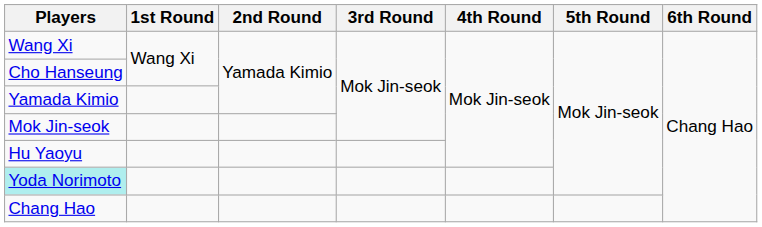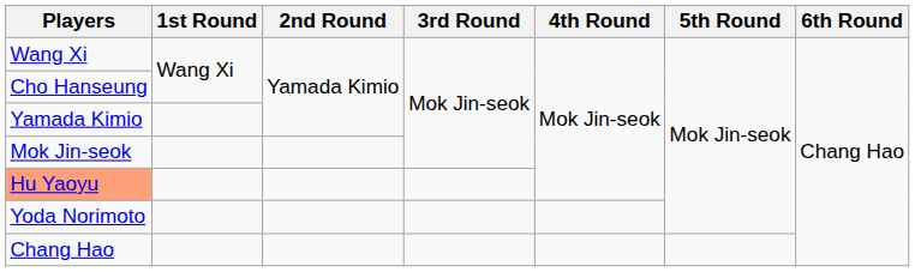 <table class="wikitable">
 <tr>
 <th>Players</th>
 <th>1st Round</th>
 <th>2nd Round</th>
 <th>3rd Round</th>
 <th>4th Round</th>
 <th>5th Round</th>
 <th>6th Round</th>
 </tr>
 <tr>
 <td> <a href='#'>Wang Xi</a></td>
 <td rowspan="2" valign="center">Wang Xi</td>
 <td rowspan="3" valign="center">Yamada Kimio</td>
 <td rowspan="4" valign="center">Mok Jin-seok</td>
 <td rowspan="5" valign="center">Mok Jin-seok</td>
 <td rowspan="6" valign="center">Mok Jin-seok</td>
 <td rowspan="7" valign="center">Chang Hao</td>
 </tr>
 <tr>
 <td> <a href='#'>Cho Hanseung</a></td>
 </tr>
 <tr>
 <td> <a href='#'>Yamada Kimio</a></td>
 <td></td>
 </tr>
 <tr>
 <td> <a href='#'>Mok Jin-seok</a></td>
 <td></td>
 <td></td>
 </tr>
 <tr>
-<td> <a href='#'>Hu Yaoyu</a></td>
+<td style="background: lightsalmon;"> <a href='#'>Hu Yaoyu</a></td>
 <td></td>
 <td></td>
 <td></td>
 </tr>
 <tr>
-<td style="background: paleturquoise;"> <a href='#'>Yoda Norimoto</a></td>
+<td> <a href='#'>Yoda Norimoto</a></td>
 <td></td>
 <td></td>
 <td></td>
 <td></td>
 </tr>
 <tr>
 <td> <a href='#'>Chang Hao</a></td>
 <td></td>
 <td></td>
 <td></td>
 <td></td>
 <td></td>
 </tr>
 </table>
